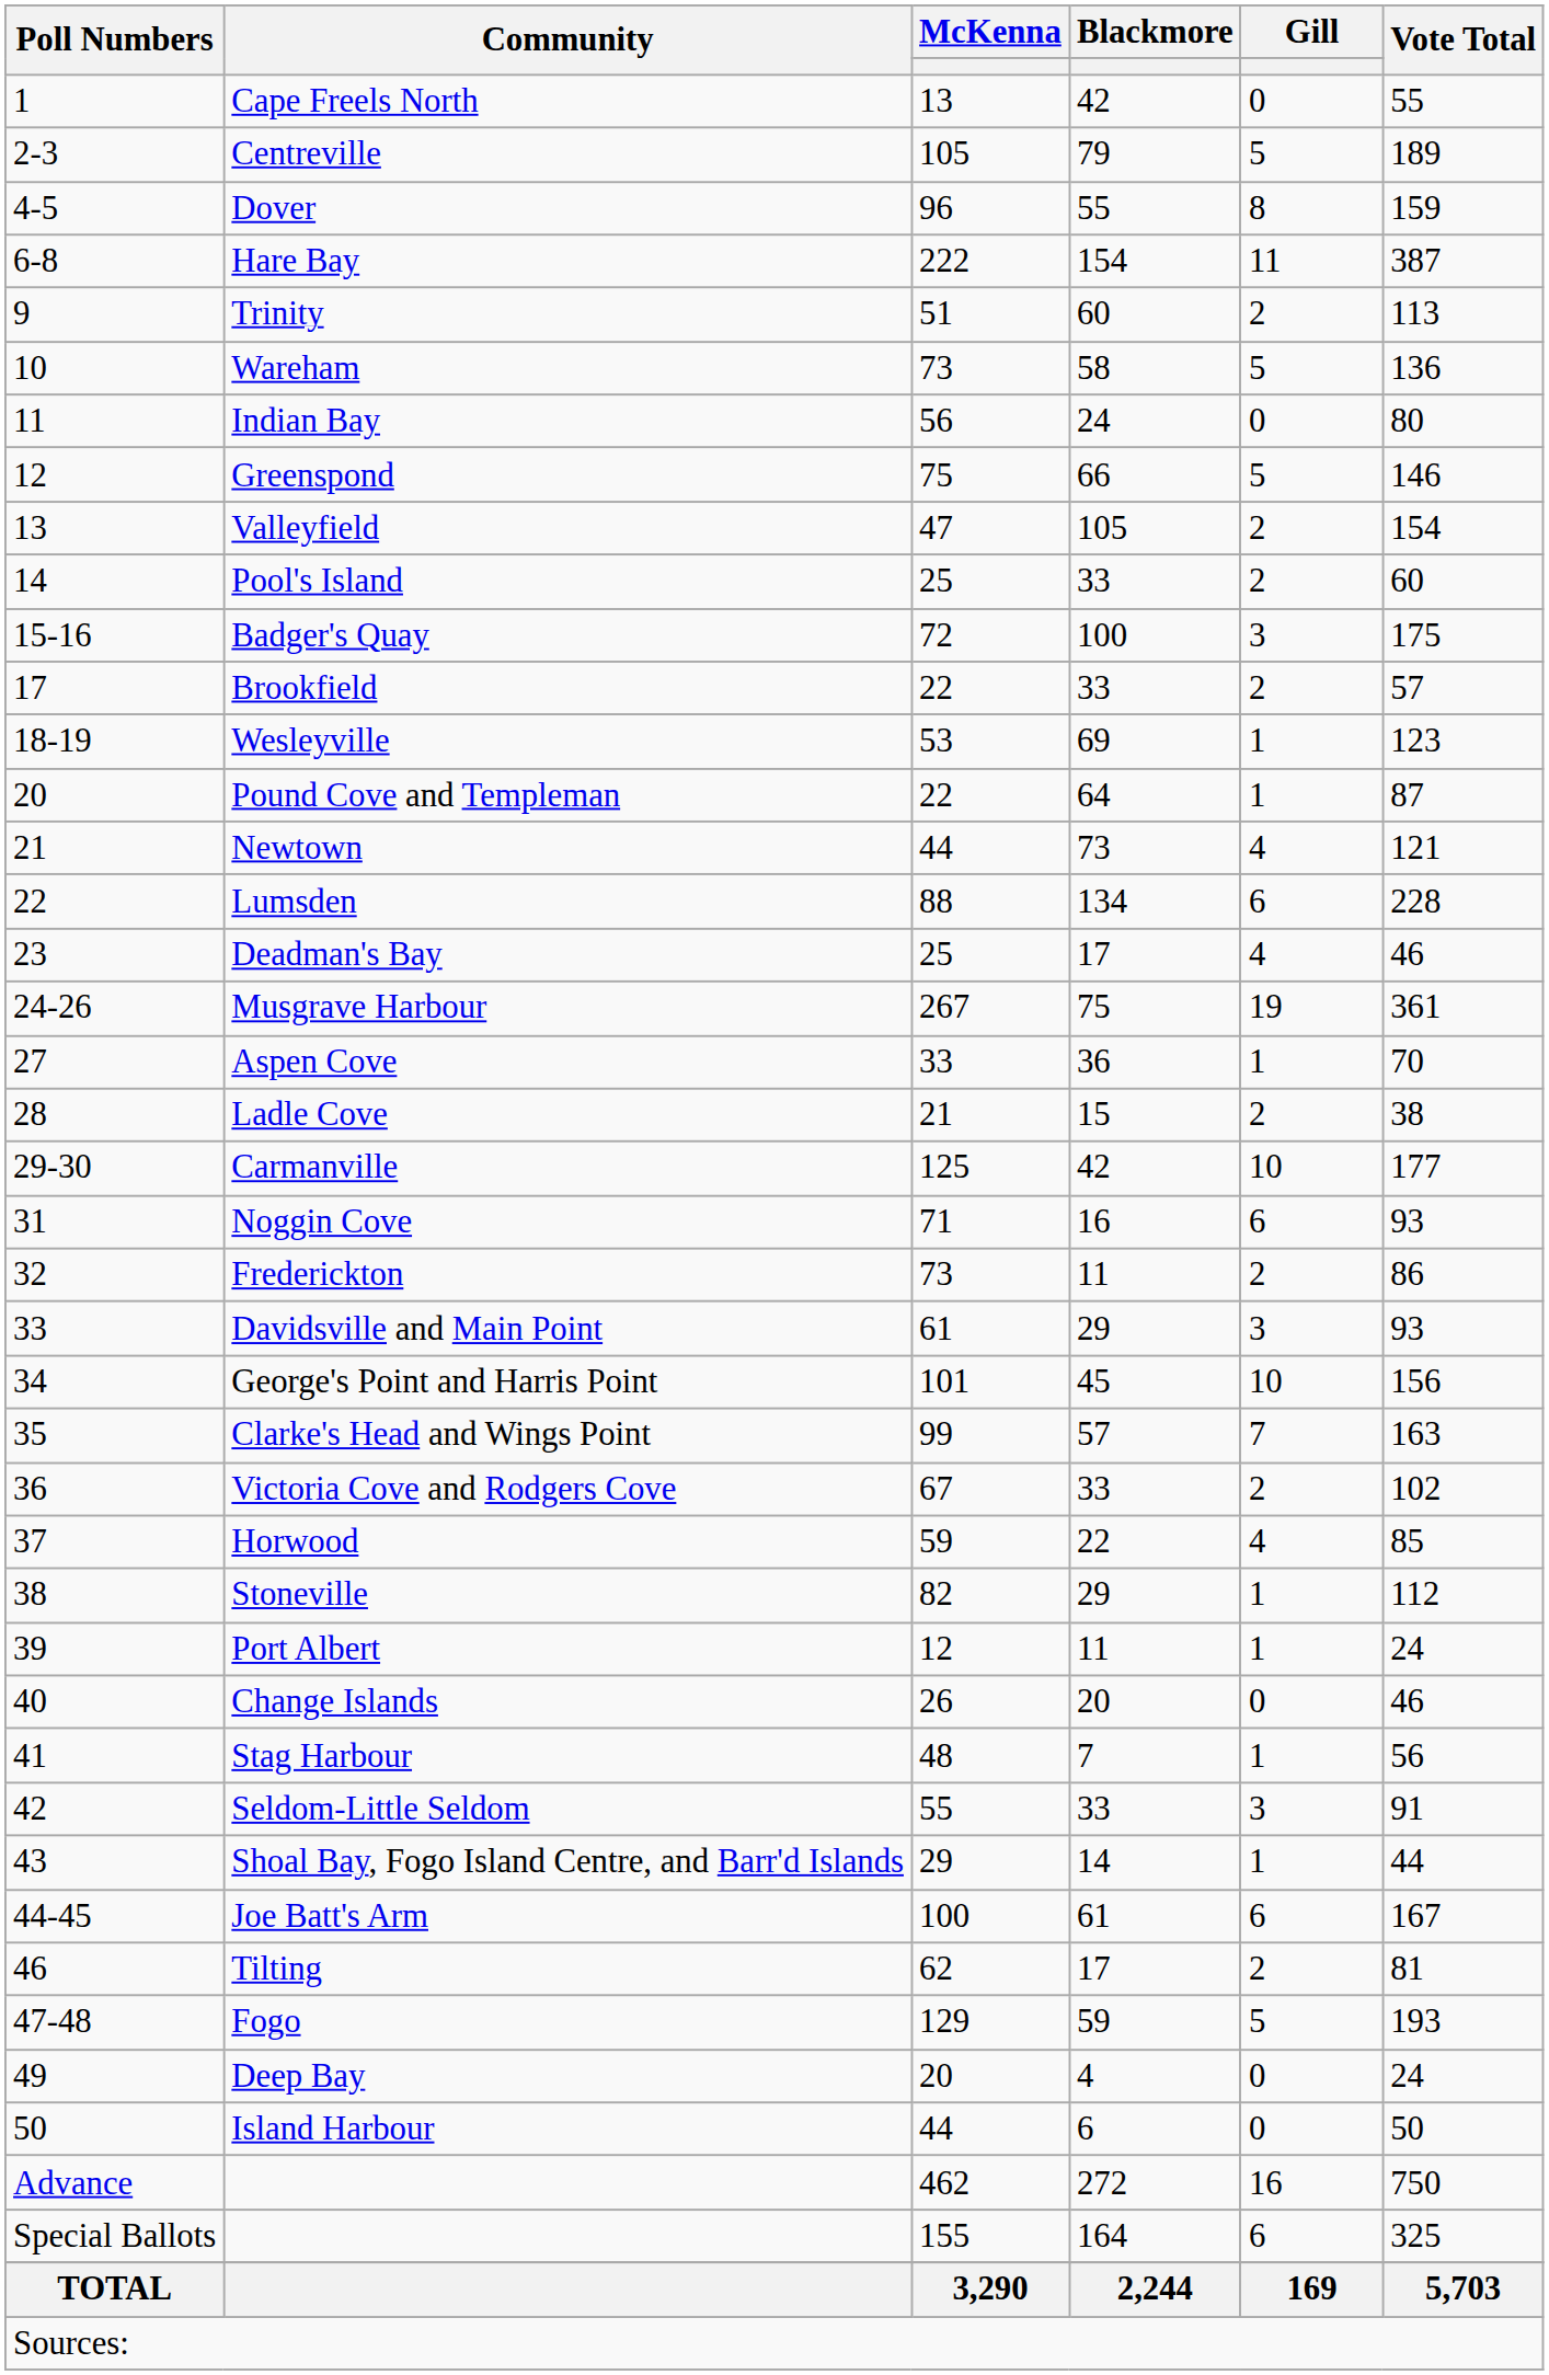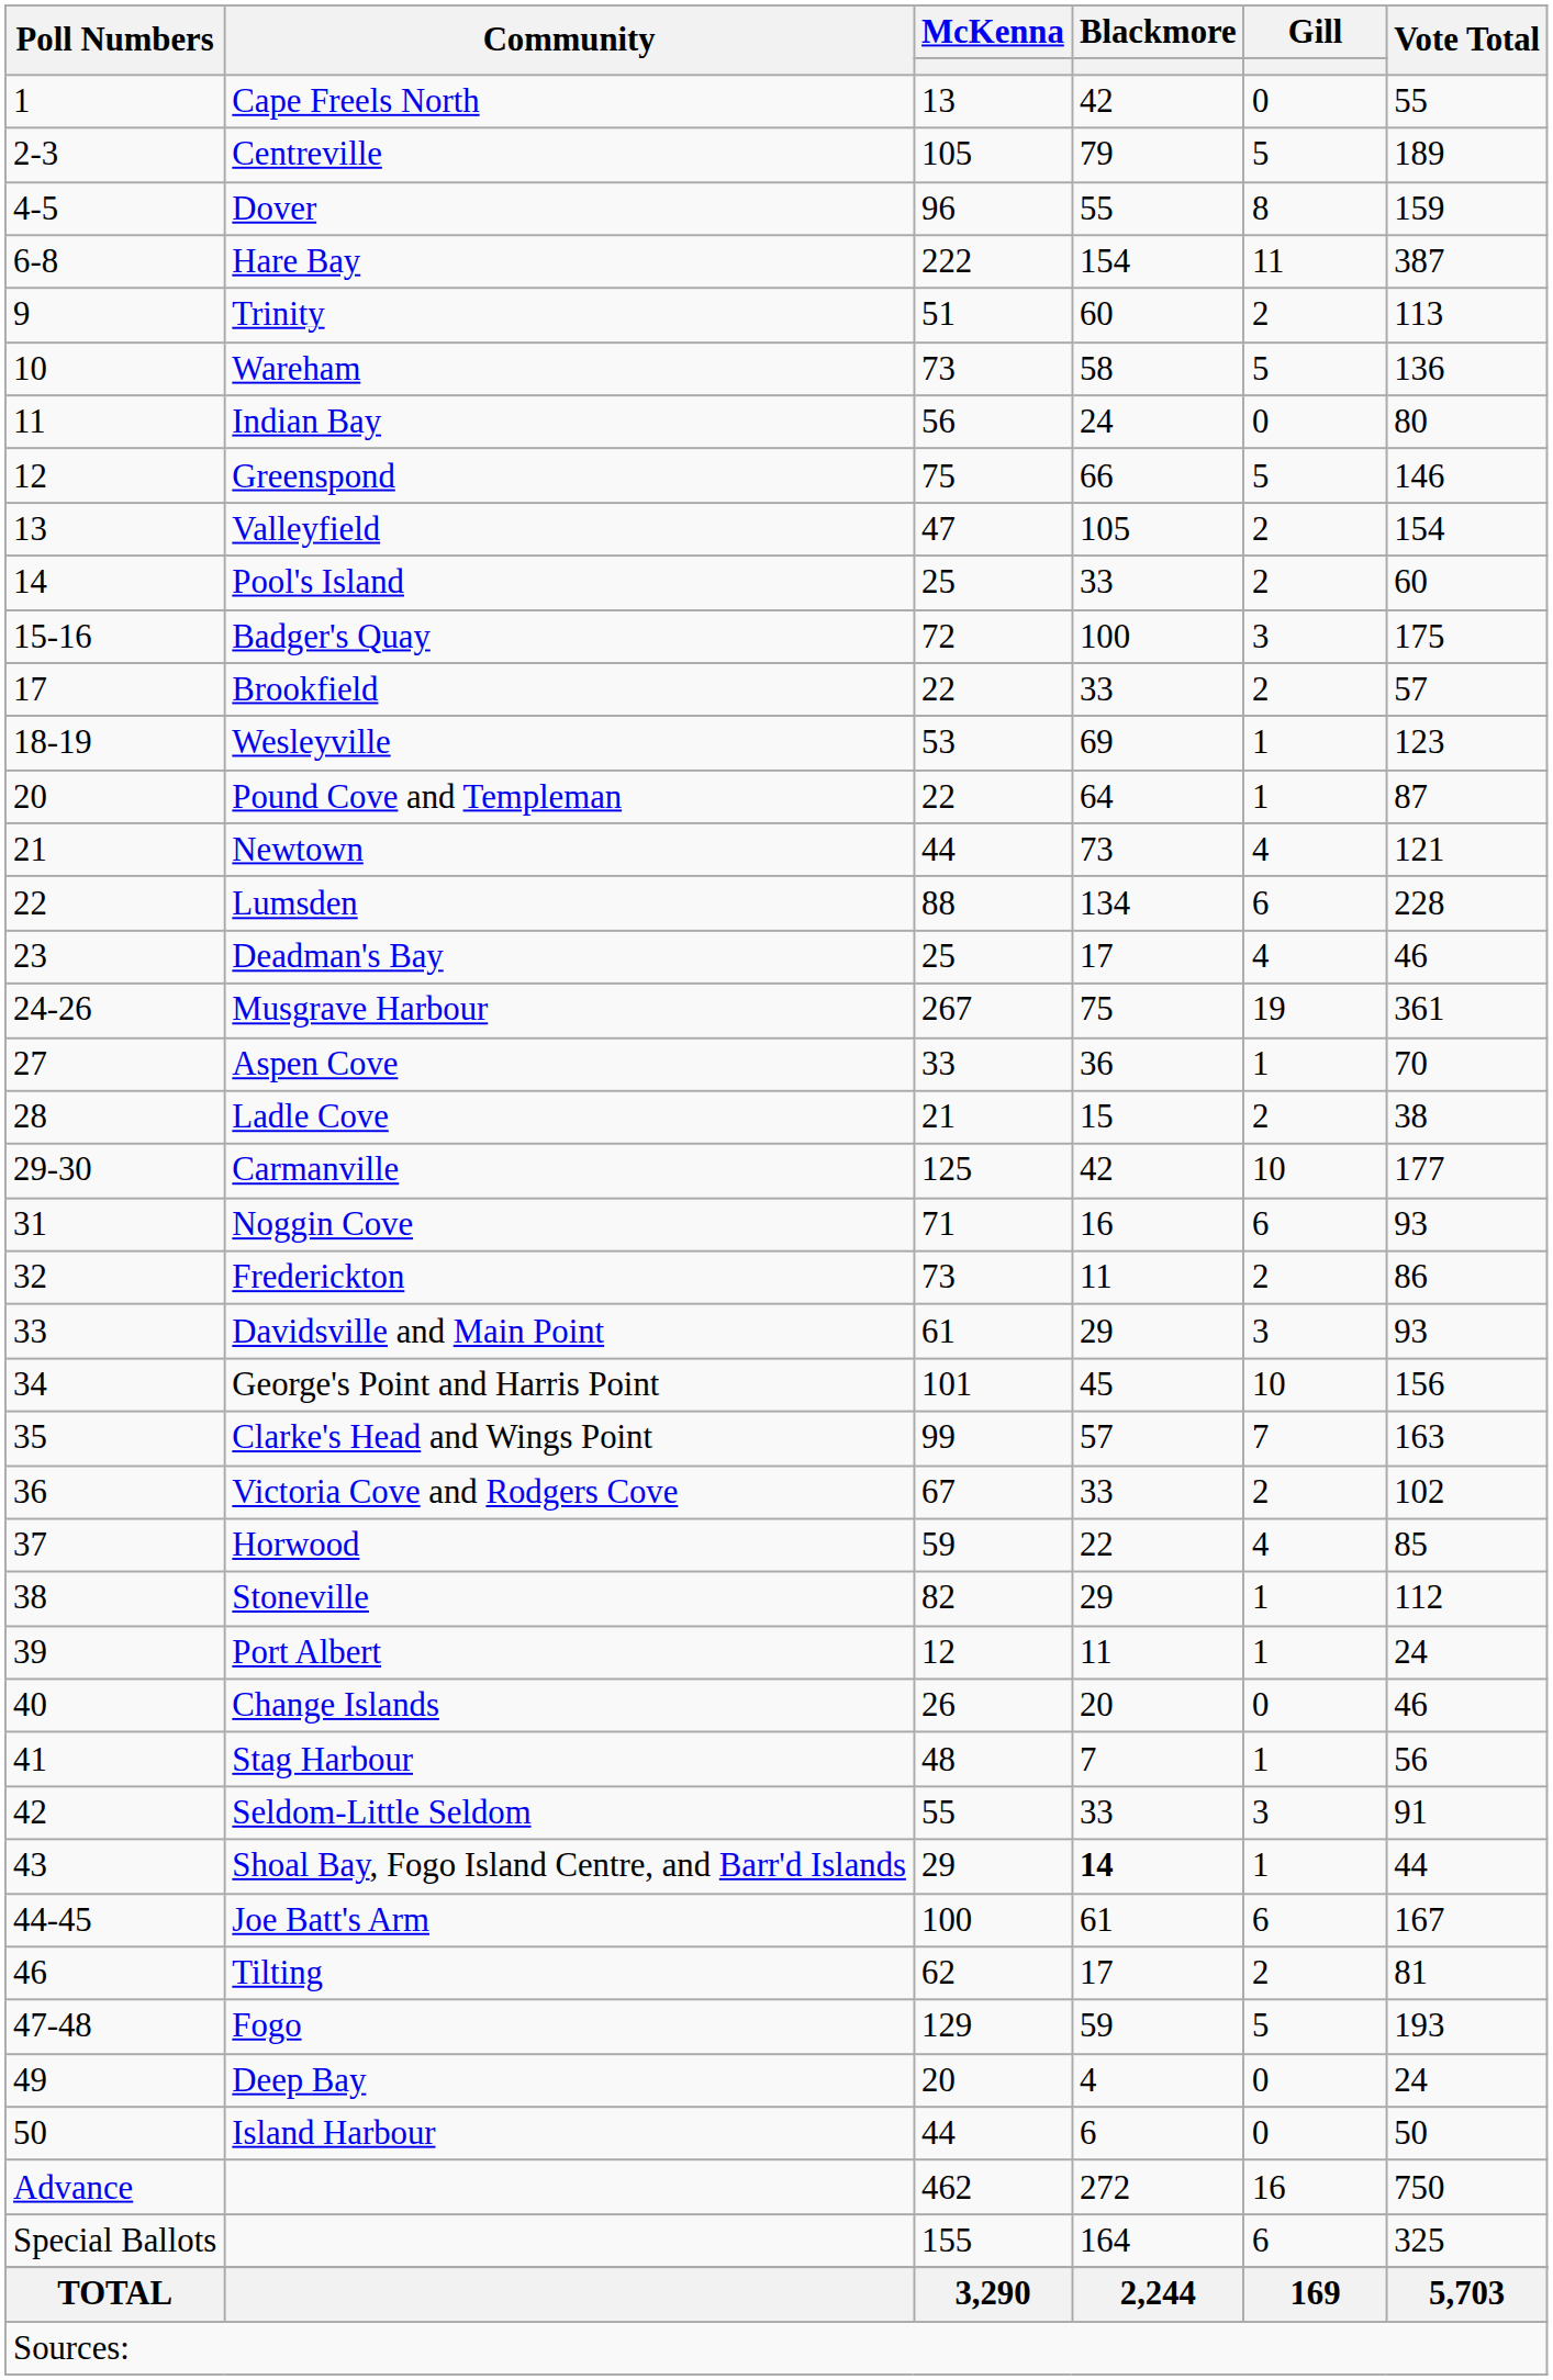 <table class="wikitable sortable">
 <tr>
 <th rowspan="2">Poll Numbers</th>
 <th rowspan="2">Community</th>
 <th width="60px" class="unsortable"><a href='#'>McKenna</a></th>
 <th width="60px" class="unsortable">Blackmore</th>
 <th width="60px" class="unsortable">Gill</th>
 <th rowspan="2">Vote Total</th>
 </tr>
 <tr>
 <th style="background:"></th>
 <th style="background:"></th>
 <th style="background:"></th>
 </tr>
 <tr>
 <td>1</td>
 <td><a href='#'>Cape Freels North</a></td>
 <td>13</td>
 <td>42</td>
 <td>0</td>
 <td>55</td>
 </tr>
 <tr>
 <td>2-3</td>
 <td><a href='#'>Centreville</a></td>
 <td>105</td>
 <td>79</td>
 <td>5</td>
 <td>189</td>
 </tr>
 <tr>
 <td>4-5</td>
 <td><a href='#'>Dover</a></td>
 <td>96</td>
 <td>55</td>
 <td>8</td>
 <td>159</td>
 </tr>
 <tr>
 <td>6-8</td>
 <td><a href='#'>Hare Bay</a></td>
 <td>222</td>
 <td>154</td>
 <td>11</td>
 <td>387</td>
 </tr>
 <tr>
 <td>9</td>
 <td><a href='#'>Trinity</a></td>
 <td>51</td>
 <td>60</td>
 <td>2</td>
 <td>113</td>
 </tr>
 <tr>
 <td>10</td>
 <td><a href='#'>Wareham</a></td>
 <td>73</td>
 <td>58</td>
 <td>5</td>
 <td>136</td>
 </tr>
 <tr>
 <td>11</td>
 <td><a href='#'>Indian Bay</a></td>
 <td>56</td>
 <td>24</td>
 <td>0</td>
 <td>80</td>
 </tr>
 <tr>
 <td>12</td>
 <td><a href='#'>Greenspond</a></td>
 <td>75</td>
 <td>66</td>
 <td>5</td>
 <td>146</td>
 </tr>
 <tr>
 <td>13</td>
 <td><a href='#'>Valleyfield</a></td>
 <td>47</td>
 <td>105</td>
 <td>2</td>
 <td>154</td>
 </tr>
 <tr>
 <td>14</td>
 <td><a href='#'>Pool's Island</a></td>
 <td>25</td>
 <td>33</td>
 <td>2</td>
 <td>60</td>
 </tr>
 <tr>
 <td>15-16</td>
 <td><a href='#'>Badger's Quay</a></td>
 <td>72</td>
 <td>100</td>
 <td>3</td>
 <td>175</td>
 </tr>
 <tr>
 <td>17</td>
 <td><a href='#'>Brookfield</a></td>
 <td>22</td>
 <td>33</td>
 <td>2</td>
 <td>57</td>
 </tr>
 <tr>
 <td>18-19</td>
 <td><a href='#'>Wesleyville</a></td>
 <td>53</td>
 <td>69</td>
 <td>1</td>
 <td>123</td>
 </tr>
 <tr>
 <td>20</td>
 <td><a href='#'>Pound Cove</a> and <a href='#'>Templeman</a></td>
 <td>22</td>
 <td>64</td>
 <td>1</td>
 <td>87</td>
 </tr>
 <tr>
 <td>21</td>
 <td><a href='#'>Newtown</a></td>
 <td>44</td>
 <td>73</td>
 <td>4</td>
 <td>121</td>
 </tr>
 <tr>
 <td>22</td>
 <td><a href='#'>Lumsden</a></td>
 <td>88</td>
 <td>134</td>
 <td>6</td>
 <td>228</td>
 </tr>
 <tr>
 <td>23</td>
 <td><a href='#'>Deadman's Bay</a></td>
 <td>25</td>
 <td>17</td>
 <td>4</td>
 <td>46</td>
 </tr>
 <tr>
 <td>24-26</td>
 <td><a href='#'>Musgrave Harbour</a></td>
 <td>267</td>
 <td>75</td>
 <td>19</td>
 <td>361</td>
 </tr>
 <tr>
 <td>27</td>
 <td><a href='#'>Aspen Cove</a></td>
 <td>33</td>
 <td>36</td>
 <td>1</td>
 <td>70</td>
 </tr>
 <tr>
 <td>28</td>
 <td><a href='#'>Ladle Cove</a></td>
 <td>21</td>
 <td>15</td>
 <td>2</td>
 <td>38</td>
 </tr>
 <tr>
 <td>29-30</td>
 <td><a href='#'>Carmanville</a></td>
 <td>125</td>
 <td>42</td>
 <td>10</td>
 <td>177</td>
 </tr>
 <tr>
 <td>31</td>
 <td><a href='#'>Noggin Cove</a></td>
 <td>71</td>
 <td>16</td>
 <td>6</td>
 <td>93</td>
 </tr>
 <tr>
 <td>32</td>
 <td><a href='#'>Frederickton</a></td>
 <td>73</td>
 <td>11</td>
 <td>2</td>
 <td>86</td>
 </tr>
 <tr>
 <td>33</td>
 <td><a href='#'>Davidsville</a> and <a href='#'>Main Point</a></td>
 <td>61</td>
 <td>29</td>
 <td>3</td>
 <td>93</td>
 </tr>
 <tr>
 <td>34</td>
 <td>George's Point and Harris Point</td>
 <td>101</td>
 <td>45</td>
 <td>10</td>
 <td>156</td>
 </tr>
 <tr>
 <td>35</td>
 <td><a href='#'>Clarke's Head</a> and Wings Point</td>
 <td>99</td>
 <td>57</td>
 <td>7</td>
 <td>163</td>
 </tr>
 <tr>
 <td>36</td>
 <td><a href='#'>Victoria Cove</a> and <a href='#'>Rodgers Cove</a></td>
 <td>67</td>
 <td>33</td>
 <td>2</td>
 <td>102</td>
 </tr>
 <tr>
 <td>37</td>
 <td><a href='#'>Horwood</a></td>
 <td>59</td>
 <td>22</td>
 <td>4</td>
 <td>85</td>
 </tr>
 <tr>
 <td>38</td>
 <td><a href='#'>Stoneville</a></td>
 <td>82</td>
 <td>29</td>
 <td>1</td>
 <td>112</td>
 </tr>
 <tr>
 <td>39</td>
 <td><a href='#'>Port Albert</a></td>
 <td>12</td>
 <td>11</td>
 <td>1</td>
 <td>24</td>
 </tr>
 <tr>
 <td>40</td>
 <td><a href='#'>Change Islands</a></td>
 <td>26</td>
 <td>20</td>
 <td>0</td>
 <td>46</td>
 </tr>
 <tr>
 <td>41</td>
 <td><a href='#'>Stag Harbour</a></td>
 <td>48</td>
 <td>7</td>
 <td>1</td>
 <td>56</td>
 </tr>
 <tr>
 <td>42</td>
 <td><a href='#'>Seldom-Little Seldom</a></td>
 <td>55</td>
 <td>33</td>
 <td>3</td>
 <td>91</td>
 </tr>
 <tr>
 <td>43</td>
 <td><a href='#'>Shoal Bay</a>, Fogo Island Centre, and <a href='#'>Barr'd Islands</a></td>
 <td>29</td>
-<td>14</td>
+<td><strong>14</strong></td>
 <td>1</td>
 <td>44</td>
 </tr>
 <tr>
 <td>44-45</td>
 <td><a href='#'>Joe Batt's Arm</a></td>
 <td>100</td>
 <td>61</td>
 <td>6</td>
 <td>167</td>
 </tr>
 <tr>
 <td>46</td>
 <td><a href='#'>Tilting</a></td>
 <td>62</td>
 <td>17</td>
 <td>2</td>
 <td>81</td>
 </tr>
 <tr>
 <td>47-48</td>
 <td><a href='#'>Fogo</a></td>
 <td>129</td>
 <td>59</td>
 <td>5</td>
 <td>193</td>
 </tr>
 <tr>
 <td>49</td>
 <td><a href='#'>Deep Bay</a></td>
 <td>20</td>
 <td>4</td>
 <td>0</td>
 <td>24</td>
 </tr>
 <tr>
 <td>50</td>
 <td><a href='#'>Island Harbour</a></td>
 <td>44</td>
 <td>6</td>
 <td>0</td>
 <td>50</td>
 </tr>
 <tr>
 <td><a href='#'>Advance</a></td>
 <td></td>
 <td>462</td>
 <td>272</td>
 <td>16</td>
 <td>750</td>
 </tr>
 <tr>
 <td>Special Ballots</td>
 <td></td>
 <td>155</td>
 <td>164</td>
 <td>6</td>
 <td>325</td>
 </tr>
 <tr>
 </tr>
 <tr class="sortbottom">
 <th>TOTAL</th>
 <th></th>
 <th>3,290</th>
 <th>2,244</th>
 <th>169</th>
 <th>5,703</th>
 </tr>
 <tr>
 <td colspan="6">Sources:</td>
 </tr>
 </table>
